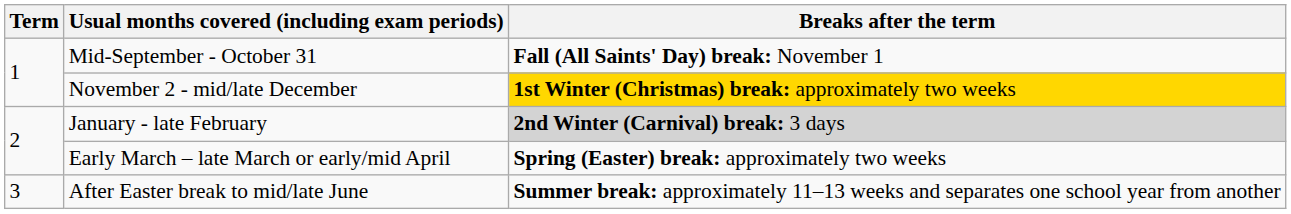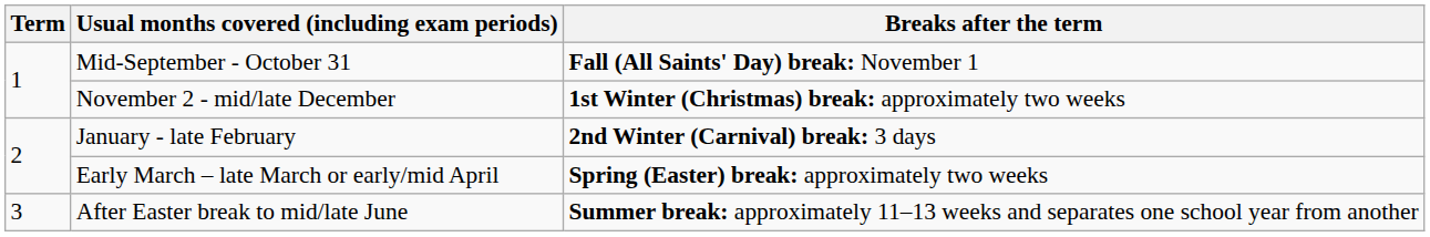 <table class="wikitable">
 <tr>
 <th>Term</th>
 <th>Usual months covered (including exam periods)</th>
 <th>Breaks after the term</th>
 </tr>
 <tr>
 <td rowspan="2">1</td>
 <td>Mid-September - October 31</td>
 <td><strong>Fall (All Saints' Day) break:</strong> November 1</td>
 </tr>
 <tr>
 <td>November 2 - mid/late December</td>
-<td style="background: gold;"><strong>1st Winter (Christmas) break:</strong> approximately two weeks</td>
+<td><strong>1st Winter (Christmas) break:</strong> approximately two weeks</td>
 </tr>
 <tr>
 <td rowspan="2">2</td>
 <td>January - late February</td>
-<td style="background: lightgrey;"><strong>2nd Winter (Carnival) break:</strong> 3 days</td>
+<td><strong>2nd Winter (Carnival) break:</strong> 3 days</td>
 </tr>
 <tr>
 <td>Early March – late March or early/mid April</td>
 <td><strong>Spring (Easter) break:</strong> approximately two weeks</td>
 </tr>
 <tr>
 <td>3</td>
 <td>After Easter break to mid/late June</td>
 <td><strong>Summer break:</strong> approximately 11–13 weeks and separates one school year from another</td>
 </tr>
 </table>
